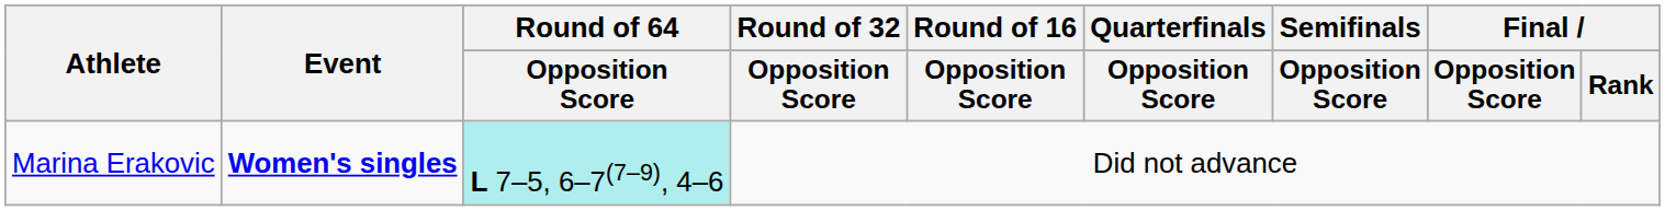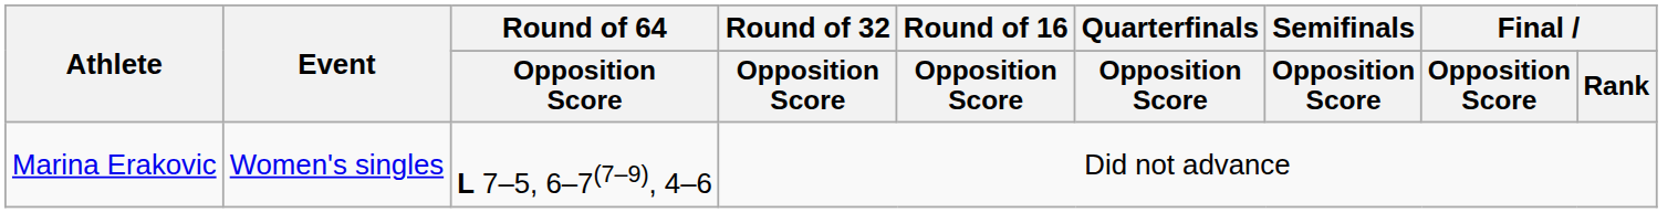 <table class=wikitable style="font-size:90%">
 <tr>
 <th rowspan="2">Athlete</th>
 <th rowspan="2">Event</th>
 <th>Round of 64</th>
 <th>Round of 32</th>
 <th>Round of 16</th>
 <th>Quarterfinals</th>
 <th>Semifinals</th>
 <th colspan=2>Final / </th>
 </tr>
 <tr style="font-size:95%">
 <th>Opposition<br>Score</th>
 <th>Opposition<br>Score</th>
 <th>Opposition<br>Score</th>
 <th>Opposition<br>Score</th>
 <th>Opposition<br>Score</th>
 <th>Opposition<br>Score</th>
 <th>Rank</th>
 </tr>
 <tr align=center>
 <td align=left><a href='#'>Marina Erakovic</a></td>
-<td align=left><strong><a href='#'>Women's singles</a></strong></td>
-<td style="background: paleturquoise;"><br><strong>L</strong> 7–5, 6–7<sup>(7–9)</sup>, 4–6</td>
+<td align=left><a href='#'>Women's singles</a></td>
+<td><br><strong>L</strong> 7–5, 6–7<sup>(7–9)</sup>, 4–6</td>
 <td colspan=6>Did not advance</td>
 </tr>
 </table>
